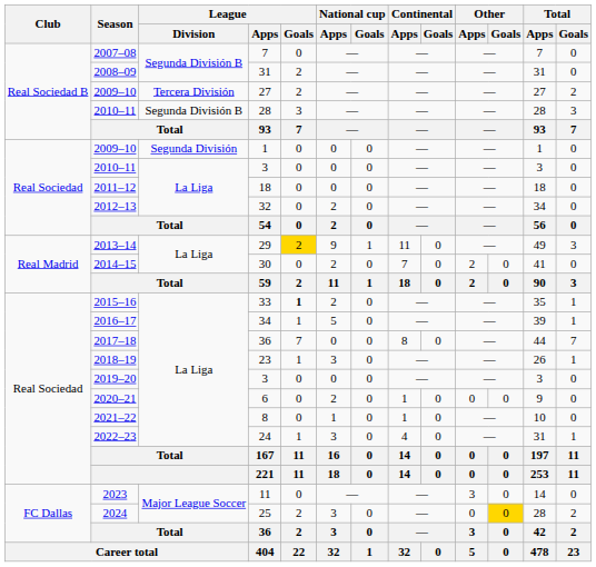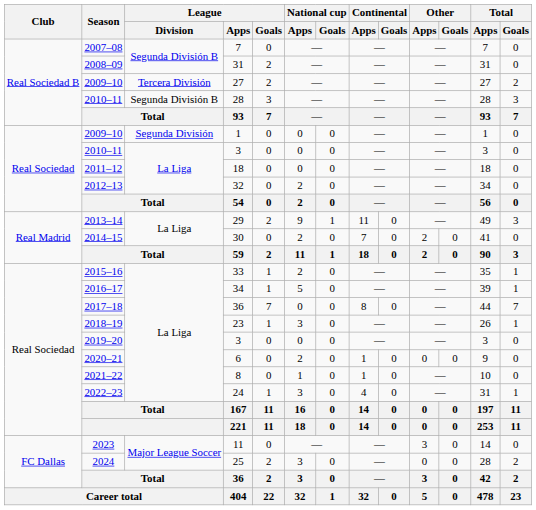 <table class="wikitable" style="text-align:center">
 <tr>
 <th rowspan="2">Club</th>
 <th rowspan="2">Season</th>
 <th colspan="3">League</th>
 <th colspan="2">National cup</th>
 <th colspan="2">Continental</th>
 <th colspan="2">Other</th>
 <th colspan="2">Total</th>
 </tr>
 <tr>
 <th>Division</th>
 <th>Apps</th>
 <th>Goals</th>
 <th>Apps</th>
 <th>Goals</th>
 <th>Apps</th>
 <th>Goals</th>
 <th>Apps</th>
 <th>Goals</th>
 <th>Apps</th>
 <th>Goals</th>
 </tr>
 <tr>
 <td rowspan="5"><a href='#'>Real Sociedad B</a></td>
 <td><a href='#'>2007–08</a></td>
 <td rowspan="2"><a href='#'>Segunda División B</a></td>
 <td>7</td>
 <td>0</td>
 <td colspan="2">—</td>
 <td colspan="2">—</td>
 <td colspan="2">—</td>
 <td>7</td>
 <td>0</td>
 </tr>
 <tr>
 <td><a href='#'>2008–09</a></td>
 <td>31</td>
 <td>2</td>
 <td colspan="2">—</td>
 <td colspan="2">—</td>
 <td colspan="2">—</td>
 <td>31</td>
 <td>0</td>
 </tr>
 <tr>
 <td><a href='#'>2009–10</a></td>
 <td><a href='#'>Tercera División</a></td>
 <td>27</td>
 <td>2</td>
 <td colspan="2">—</td>
 <td colspan="2">—</td>
 <td colspan="2">—</td>
 <td>27</td>
 <td>2</td>
 </tr>
 <tr>
 <td><a href='#'>2010–11</a></td>
 <td>Segunda División B</td>
 <td>28</td>
 <td>3</td>
 <td colspan="2">—</td>
 <td colspan="2">—</td>
 <td colspan="2">—</td>
 <td>28</td>
 <td>3</td>
 </tr>
 <tr>
 <th colspan="2">Total</th>
 <th>93</th>
 <th>7</th>
 <th colspan="2">—</th>
 <th colspan="2">—</th>
 <th colspan="2">—</th>
 <th>93</th>
 <th>7</th>
 </tr>
 <tr>
 <td rowspan="5"><a href='#'>Real Sociedad</a></td>
 <td><a href='#'>2009–10</a></td>
 <td><a href='#'>Segunda División</a></td>
 <td>1</td>
 <td>0</td>
 <td>0</td>
 <td>0</td>
 <td colspan="2">—</td>
 <td colspan="2">—</td>
 <td>1</td>
 <td>0</td>
 </tr>
 <tr>
 <td><a href='#'>2010–11</a></td>
 <td rowspan="3"><a href='#'>La Liga</a></td>
 <td>3</td>
 <td>0</td>
 <td>0</td>
 <td>0</td>
 <td colspan="2">—</td>
 <td colspan="2">—</td>
 <td>3</td>
 <td>0</td>
 </tr>
 <tr>
 <td><a href='#'>2011–12</a></td>
 <td>18</td>
 <td>0</td>
 <td>0</td>
 <td>0</td>
 <td colspan="2">—</td>
 <td colspan="2">—</td>
 <td>18</td>
 <td>0</td>
 </tr>
 <tr>
 <td><a href='#'>2012–13</a></td>
 <td>32</td>
 <td>0</td>
 <td>2</td>
 <td>0</td>
 <td colspan="2">—</td>
 <td colspan="2">—</td>
 <td>34</td>
 <td>0</td>
 </tr>
 <tr>
 <th colspan="2">Total</th>
 <th>54</th>
 <th>0</th>
 <th>2</th>
 <th>0</th>
 <th colspan="2">—</th>
 <th colspan="2">—</th>
 <th>56</th>
 <th>0</th>
 </tr>
 <tr>
 <td rowspan="3"><a href='#'>Real Madrid</a></td>
 <td><a href='#'>2013–14</a></td>
 <td rowspan="2">La Liga</td>
 <td>29</td>
-<td style="background: gold;">2</td>
+<td>2</td>
 <td>9</td>
 <td>1</td>
 <td>11</td>
 <td>0</td>
 <td colspan="2">—</td>
 <td>49</td>
 <td>3</td>
 </tr>
 <tr>
 <td><a href='#'>2014–15</a></td>
 <td>30</td>
 <td>0</td>
 <td>2</td>
 <td>0</td>
 <td>7</td>
 <td>0</td>
 <td>2</td>
 <td>0</td>
 <td>41</td>
 <td>0</td>
 </tr>
 <tr>
 <th colspan="2">Total</th>
 <th>59</th>
 <th>2</th>
 <th>11</th>
 <th>1</th>
 <th>18</th>
 <th>0</th>
 <th>2</th>
 <th>0</th>
 <th>90</th>
 <th>3</th>
 </tr>
 <tr>
 <td rowspan="10">Real Sociedad</td>
 <td><a href='#'>2015–16</a></td>
 <td rowspan="8">La Liga</td>
 <td>33</td>
-<td><strong>1</strong></td>
+<td>1</td>
 <td>2</td>
 <td>0</td>
 <td colspan="2">—</td>
 <td colspan="2">—</td>
 <td>35</td>
 <td>1</td>
 </tr>
 <tr>
 <td><a href='#'>2016–17</a></td>
 <td>34</td>
 <td>1</td>
 <td>5</td>
 <td>0</td>
 <td colspan="2">—</td>
 <td colspan="2">—</td>
 <td>39</td>
 <td>1</td>
 </tr>
 <tr>
 <td><a href='#'>2017–18</a></td>
 <td>36</td>
 <td>7</td>
 <td>0</td>
 <td>0</td>
 <td>8</td>
 <td>0</td>
 <td colspan="2">—</td>
 <td>44</td>
 <td>7</td>
 </tr>
 <tr>
 <td><a href='#'>2018–19</a></td>
 <td>23</td>
 <td>1</td>
 <td>3</td>
 <td>0</td>
 <td colspan="2">—</td>
 <td colspan="2">—</td>
 <td>26</td>
 <td>1</td>
 </tr>
 <tr>
 <td><a href='#'>2019–20</a></td>
 <td>3</td>
 <td>0</td>
 <td>0</td>
 <td>0</td>
 <td colspan="2">—</td>
 <td colspan="2">—</td>
 <td>3</td>
 <td>0</td>
 </tr>
 <tr>
 <td><a href='#'>2020–21</a></td>
 <td>6</td>
 <td>0</td>
 <td>2</td>
 <td>0</td>
 <td>1</td>
 <td>0</td>
 <td>0</td>
 <td>0</td>
 <td>9</td>
 <td>0</td>
 </tr>
 <tr>
 <td><a href='#'>2021–22</a></td>
 <td>8</td>
 <td>0</td>
 <td>1</td>
 <td>0</td>
 <td>1</td>
 <td>0</td>
 <td colspan="2">—</td>
 <td>10</td>
 <td>0</td>
 </tr>
 <tr>
 <td><a href='#'>2022–23</a></td>
 <td>24</td>
 <td>1</td>
 <td>3</td>
 <td>0</td>
 <td>4</td>
 <td>0</td>
 <td colspan="2">—</td>
 <td>31</td>
 <td>1</td>
 </tr>
 <tr>
 <th colspan="2">Total</th>
 <th>167</th>
 <th>11</th>
 <th>16</th>
 <th>0</th>
 <th>14</th>
 <th>0</th>
 <th>0</th>
 <th>0</th>
 <th>197</th>
 <th>11</th>
 </tr>
 <tr>
 <th colspan="2"></th>
 <th>221</th>
 <th>11</th>
 <th>18</th>
 <th>0</th>
 <th>14</th>
 <th>0</th>
 <th>0</th>
 <th>0</th>
 <th>253</th>
 <th>11</th>
 </tr>
 <tr>
 <td rowspan="3"><a href='#'>FC Dallas</a></td>
 <td><a href='#'>2023</a></td>
 <td rowspan="2"><a href='#'>Major League Soccer</a></td>
 <td>11</td>
 <td>0</td>
 <td colspan="2">—</td>
 <td colspan="2">—</td>
 <td>3</td>
 <td>0</td>
 <td>14</td>
 <td>0</td>
 </tr>
 <tr>
 <td><a href='#'>2024</a></td>
 <td>25</td>
 <td>2</td>
 <td>3</td>
 <td>0</td>
 <td colspan="2">—</td>
 <td>0</td>
-<td style="background: gold;">0</td>
+<td>0</td>
 <td>28</td>
 <td>2</td>
 </tr>
 <tr>
 <th colspan="2">Total</th>
 <th>36</th>
 <th>2</th>
 <th>3</th>
 <th>0</th>
 <th colspan="2">—</th>
 <th>3</th>
 <th>0</th>
 <th>42</th>
 <th>2</th>
 </tr>
 <tr>
 <th colspan="3">Career total</th>
 <th>404</th>
 <th>22</th>
 <th>32</th>
 <th>1</th>
 <th>32</th>
 <th>0</th>
 <th>5</th>
 <th>0</th>
 <th>478</th>
 <th>23</th>
 </tr>
 </table>
